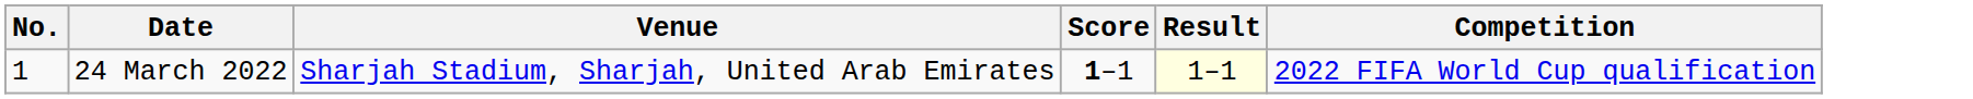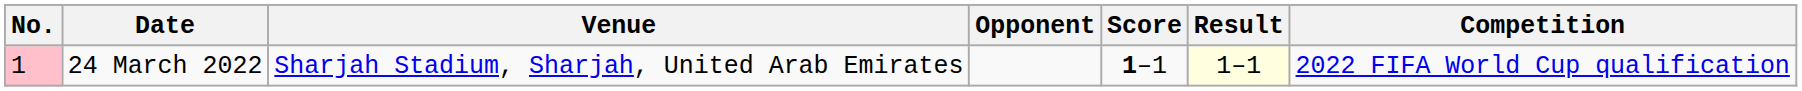 <table class="wikitable">
 <tr>
 <th>No.</th>
 <th>Date</th>
 <th>Venue</th>
+<th>Opponent</th>
 <th>Score</th>
 <th>Result</th>
 <th>Competition</th>
 </tr>
 <tr>
-<td>1</td>
+<td style="background: pink;">1</td>
 <td>24 March 2022</td>
 <td><a href='#'>Sharjah Stadium</a>, <a href='#'>Sharjah</a>, United Arab Emirates</td>
+<td></td>
 <td align=center><strong>1</strong>–1</td>
 <td align=center style="background: lightyellow;">1–1</td>
 <td><a href='#'>2022 FIFA World Cup qualification</a></td>
 </tr>
 </table>
